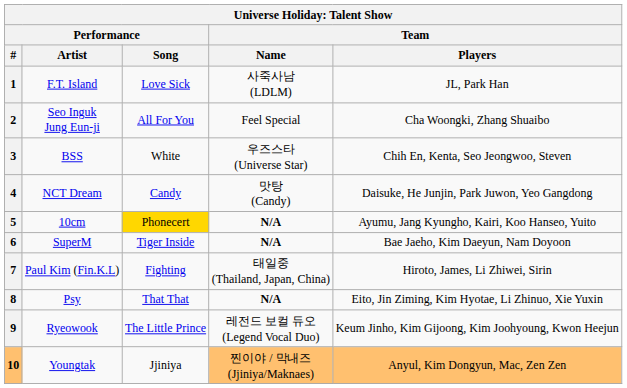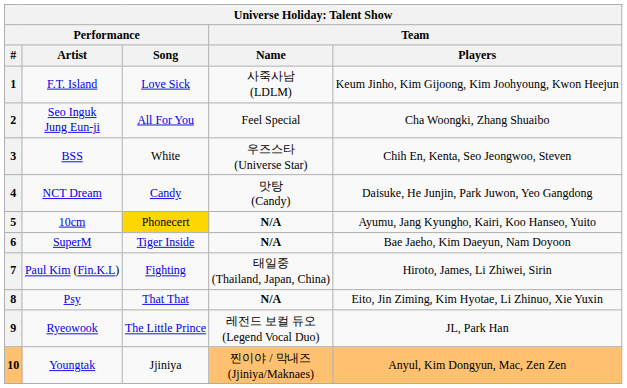 <table class="wikitable" style="text-align:center; font-size: small">
 <tr>
 <th colspan="5">Universe Holiday: Talent Show</th>
 </tr>
 <tr>
 <th colspan="3">Performance</th>
 <th colspan="2">Team</th>
 </tr>
 <tr>
 <th>#</th>
 <th scope="col">Artist</th>
 <th>Song</th>
 <th>Name</th>
 <th>Players</th>
 </tr>
 <tr>
 <th>1</th>
 <td><a href='#'>F.T. Island</a></td>
 <td><a href='#'>Love Sick</a></td>
 <td>사죽사남 <br>(LDLM)</td>
-<td>JL, Park Han</td>
+<td>Keum Jinho, Kim Gijoong, Kim Joohyoung, Kwon Heejun</td>
 </tr>
 <tr>
 <th>2</th>
 <td><a href='#'>Seo Inguk</a><br><a href='#'>Jung Eun-ji</a></td>
 <td><a href='#'>All For You</a></td>
 <td>Feel Special</td>
 <td>Cha Woongki, Zhang Shuaibo</td>
 </tr>
 <tr>
 <th>3</th>
 <td><a href='#'>BSS</a></td>
 <td>White</td>
 <td>우즈스타<br>(Universe Star)</td>
 <td>Chih En, Kenta, Seo Jeongwoo, Steven</td>
 </tr>
 <tr>
 <th>4</th>
 <td><a href='#'>NCT Dream</a></td>
 <td><a href='#'>Candy</a></td>
 <td>맛탕 <br>(Candy)</td>
 <td>Daisuke, He Junjin, Park Juwon, Yeo Gangdong</td>
 </tr>
 <tr>
 <th>5</th>
 <td><a href='#'>10cm</a></td>
 <td style="background: gold;">Phonecert</td>
 <td><strong>N/A</strong></td>
 <td>Ayumu, Jang Kyungho, Kairi, Koo Hanseo, Yuito</td>
 </tr>
 <tr>
 <th>6</th>
 <td><a href='#'>SuperM</a></td>
 <td><a href='#'>Tiger Inside</a></td>
 <td><strong>N/A</strong></td>
 <td>Bae Jaeho, Kim Daeyun, Nam Doyoon</td>
 </tr>
 <tr>
 <th>7</th>
 <td><a href='#'>Paul Kim</a> (<a href='#'>Fin.K.L</a>)</td>
 <td><a href='#'>Fighting</a></td>
 <td>태일중 <br>(Thailand, Japan, China)</td>
 <td>Hiroto, James, Li Zhiwei, Sirin</td>
 </tr>
 <tr>
 <th>8</th>
 <td><a href='#'>Psy</a></td>
 <td><a href='#'>That That</a></td>
 <td><strong>N/A</strong></td>
 <td>Eito, Jin Ziming, Kim Hyotae, Li Zhinuo, Xie Yuxin</td>
 </tr>
 <tr>
 <th>9</th>
 <td><a href='#'>Ryeowook</a></td>
 <td><a href='#'>The Little Prince</a></td>
 <td>레전드 보컬 듀오 <br>(Legend Vocal Duo)</td>
-<td>Keum Jinho, Kim Gijoong, Kim Joohyoung, Kwon Heejun</td>
+<td>JL, Park Han</td>
 </tr>
 <tr>
 <th style="background:#FFC06F">10</th>
 <td><a href='#'>Youngtak</a></td>
 <td>Jjiniya</td>
 <td style="background:#FFC06F">찐이야 / 막내즈<br>(Jjiniya/Maknaes)</td>
 <td style="background:#FFC06F">Anyul, Kim Dongyun, Mac, Zen Zen</td>
 </tr>
 </table>
